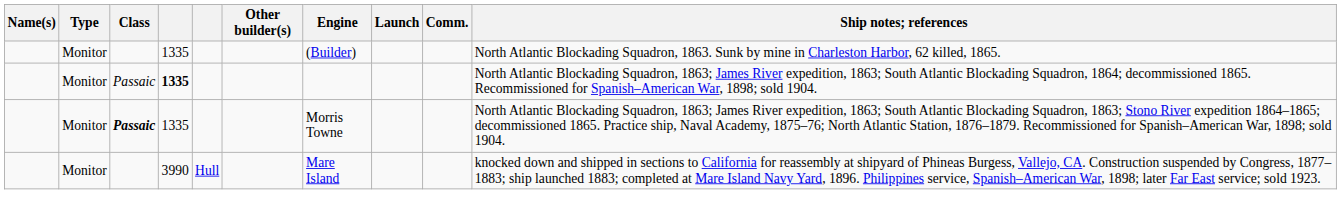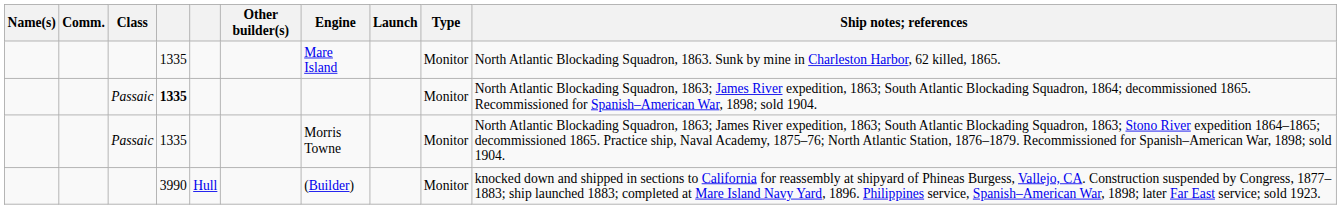 <table class="wikitable sortable">
 <tr>
 <th align="left">Name(s)</th>
-<th align="center">Type</th>
+<th align="center">Comm.</th>
 <th align="center">Class</th>
 <th align="center"></th>
 <th align="center"></th>
 <th align="center">Other builder(s)</th>
 <th align="center">Engine </th>
 <th align="center">Launch</th>
-<th align="center">Comm.</th>
+<th align="center">Type</th>
 <th align="center">Ship notes; references</th>
 </tr>
 <tr align="left">
 <td data-sort-value=></td>
-<td>Monitor</td>
+<td align="right"></td>
 <td></td>
 <td align="right">1335</td>
 <td></td>
 <td></td>
-<td>(<a href='#'>Builder</a>)</td>
+<td><a href='#'>Mare Island</a></td>
 <td align="right"></td>
-<td align="right"></td>
+<td>Monitor</td>
 <td>North Atlantic Blockading Squadron, 1863. Sunk by mine in <a href='#'>Charleston Harbor</a>, 62 killed, 1865.</td>
 </tr>
 <tr align="left">
 <td data-sort-value=></td>
-<td>Monitor</td>
+<td align="right"></td>
 <td><em>Passaic</em></td>
 <td align="right"><strong>1335</strong></td>
 <td></td>
 <td></td>
 <td></td>
 <td align="right"></td>
-<td align="right"></td>
+<td>Monitor</td>
 <td>North Atlantic Blockading Squadron, 1863; <a href='#'>James River</a> expedition, 1863; South Atlantic Blockading Squadron, 1864; decommissioned 1865. Recommissioned for <a href='#'>Spanish–American War</a>, 1898; sold 1904.</td>
 </tr>
 <tr align="left">
 <td data-sort-value=></td>
-<td>Monitor</td>
-<td><strong><em>Passaic</em></strong></td>
+<td align="right"></td>
+<td><em>Passaic</em></td>
 <td align="right">1335</td>
 <td></td>
 <td></td>
 <td>Morris Towne</td>
 <td align="right"></td>
-<td align="right"></td>
+<td>Monitor</td>
 <td>North Atlantic Blockading Squadron, 1863; James River expedition, 1863; South Atlantic Blockading Squadron, 1863; <a href='#'>Stono River</a> expedition 1864–1865; decommissioned 1865. Practice ship, Naval Academy, 1875–76; North Atlantic Station, 1876–1879. Recommissioned for Spanish–American War, 1898; sold 1904.</td>
 </tr>
 <tr align="left">
 <td data-sort-value=Monadnock></td>
-<td>Monitor</td>
+<td align="right"></td>
 <td></td>
 <td align="right">3990</td>
 <td><a href='#'>Hull</a></td>
 <td></td>
-<td><a href='#'>Mare Island</a></td>
+<td>(<a href='#'>Builder</a>)</td>
 <td align="right"></td>
-<td align="right"></td>
+<td>Monitor</td>
 <td> knocked down and shipped in sections to <a href='#'>California</a> for reassembly at shipyard of Phineas Burgess, <a href='#'>Vallejo, CA</a>. Construction suspended by Congress, 1877–1883; ship launched 1883; completed at <a href='#'>Mare Island Navy Yard</a>, 1896. <a href='#'>Philippines</a> service, <a href='#'>Spanish–American War</a>, 1898; later <a href='#'>Far East</a> service; sold 1923.</td>
 </tr>
 </table>
